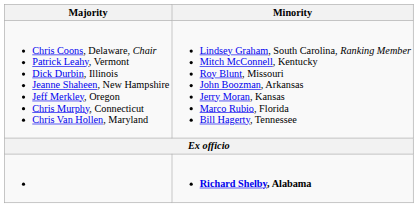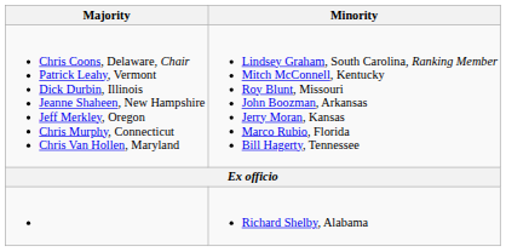 <table class=wikitable>
 <tr>
 <th>Majority</th>
 <th>Minority</th>
 </tr>
 <tr>
 <td><br><ul><li><a href='#'>Chris Coons</a>, Delaware, <em>Chair</em></li><li><a href='#'>Patrick Leahy</a>, Vermont</li><li><a href='#'>Dick Durbin</a>, Illinois</li><li><a href='#'>Jeanne Shaheen</a>, New Hampshire</li><li><a href='#'>Jeff Merkley</a>, Oregon</li><li><a href='#'>Chris Murphy</a>, Connecticut</li><li><a href='#'>Chris Van Hollen</a>, Maryland</li></ul></td>
 <td><br><ul><li><a href='#'>Lindsey Graham</a>, South Carolina, <em>Ranking Member</em></li><li><a href='#'>Mitch McConnell</a>, Kentucky</li><li><a href='#'>Roy Blunt</a>, Missouri</li><li><a href='#'>John Boozman</a>, Arkansas</li><li><a href='#'>Jerry Moran</a>, Kansas</li><li><a href='#'>Marco Rubio</a>, Florida</li><li><a href='#'>Bill Hagerty</a>, Tennessee</li></ul></td>
 </tr>
 <tr>
 <th colspan=2 align=center><em>Ex officio</em></th>
 </tr>
 <tr>
 <td><br><ul><li></li></ul></td>
-<td><strong><br><ul><li><a href='#'>Richard Shelby</a>, Alabama</li></ul></strong></td>
+<td><br><ul><li><a href='#'>Richard Shelby</a>, Alabama</li></ul></td>
 </tr>
 </table>
